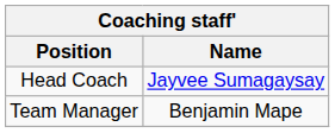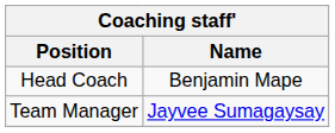 <table class="wikitable sortable" style="font-size:90%; text-align:center;">
 <tr>
 <th colspan="5">Coaching staff'</th>
 </tr>
 <tr align=center>
 <th>Position</th>
 <th>Name</th>
 </tr>
 <tr>
 <td>Head Coach</td>
-<td> <a href='#'>Jayvee Sumagaysay</a></td>
+<td> Benjamin Mape</td>
 </tr>
 <tr>
 <td>Team Manager</td>
-<td> Benjamin Mape</td>
+<td> <a href='#'>Jayvee Sumagaysay</a></td>
 </tr>
 <tr>
 </tr>
 </table>
